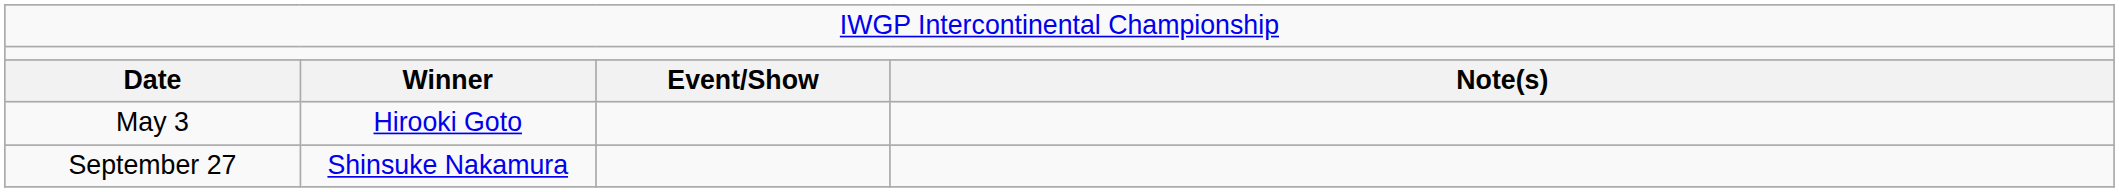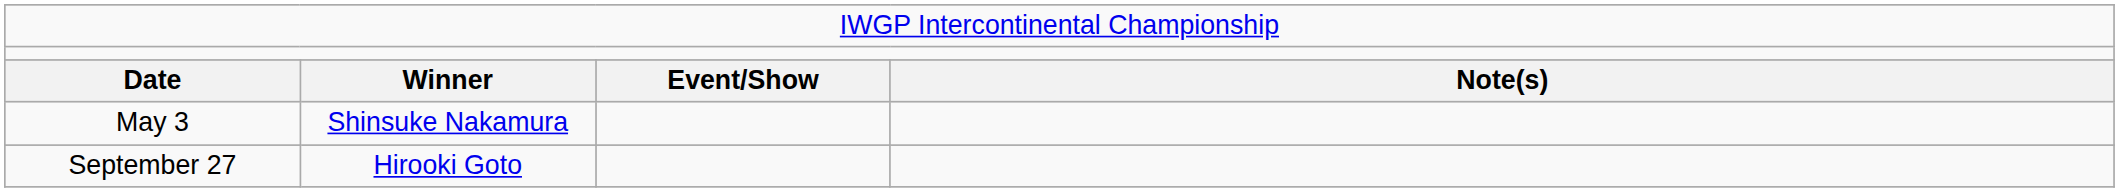 <table class="wikitable" style="text-align:center; width:100%;">
 <tr>
 <td colspan="5"><a href='#'>IWGP Intercontinental Championship</a></td>
 </tr>
 <tr>
 <td colspan="5"><strong></strong></td>
 </tr>
 <tr>
 <th width=14%>Date</th>
 <th width=14%>Winner</th>
 <th width=14%>Event/Show</th>
 <th width=58%>Note(s)</th>
 </tr>
 <tr>
 <td>May 3</td>
-<td><a href='#'>Hirooki Goto</a></td>
+<td><a href='#'>Shinsuke Nakamura</a></td>
 <td></td>
 <td align=left></td>
 </tr>
 <tr>
 <td>September 27</td>
-<td><a href='#'>Shinsuke Nakamura</a></td>
+<td><a href='#'>Hirooki Goto</a></td>
 <td></td>
 <td align=left></td>
 </tr>
 </table>
